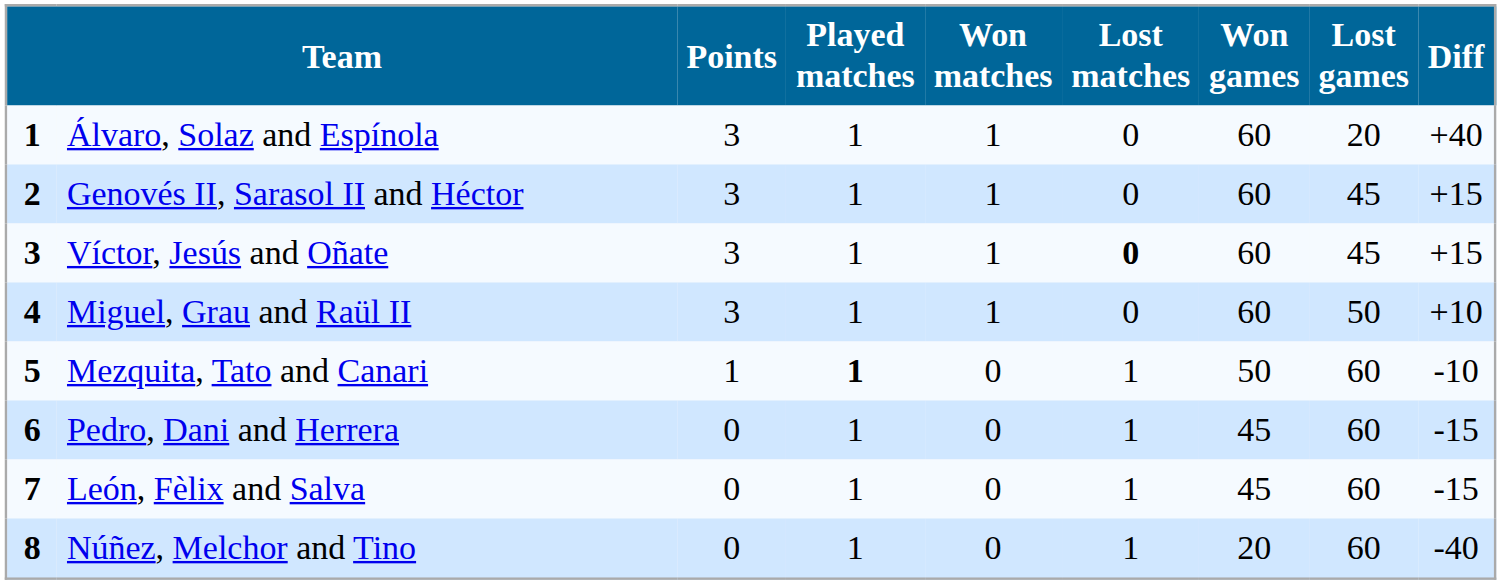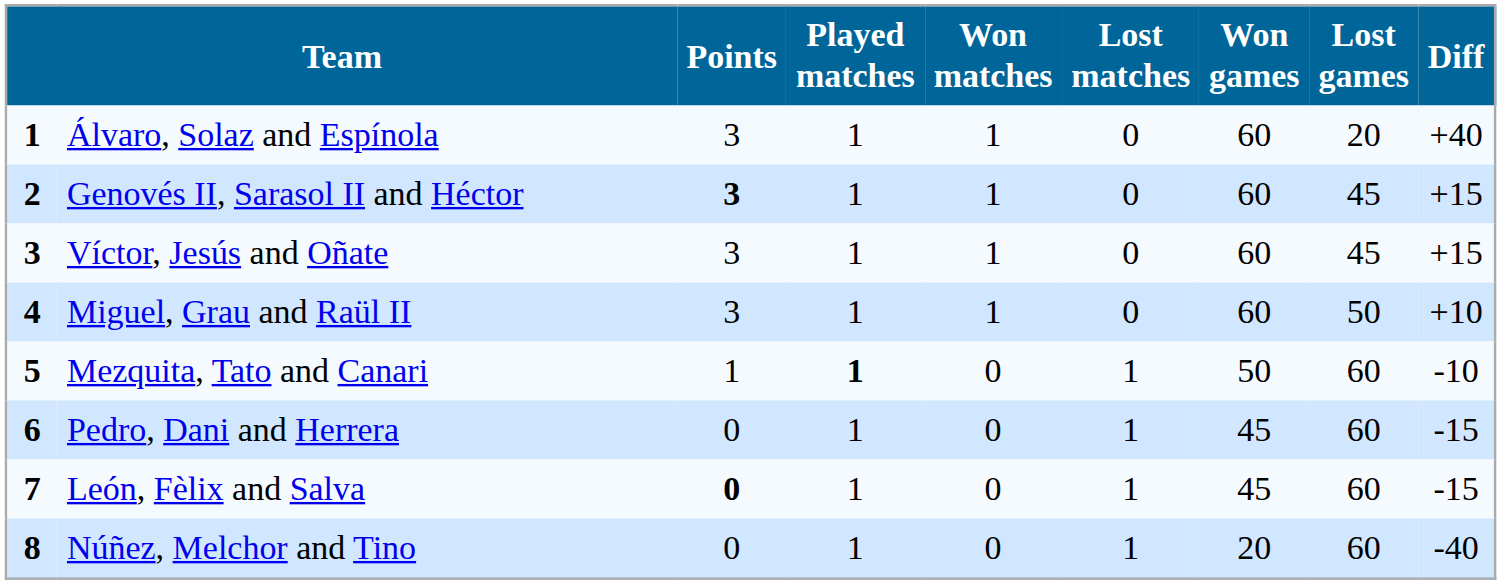 <table align=center width=50% cellpadding="4" cellspacing="0" style="background: #f9f9f9; border: 1px #aaa solid; border-collapse: collapse; font-size: 90%;">
 <tr align=center bgcolor=#006699 style="color:white;">
 <th width=50% colspan=2>Team</th>
 <th width=5%>Points</th>
 <th width=5%>Played matches</th>
 <th width=5%>Won matches</th>
 <th width=5%>Lost matches</th>
 <th width=5%>Won games</th>
 <th width=5%>Lost games</th>
 <th width=5%>Diff</th>
 </tr>
 <tr align=center bgcolor=#F5FAFF>
 <td><strong>1</strong></td>
 <td align=left><a href='#'>Álvaro</a>, <a href='#'>Solaz</a> and <a href='#'>Espínola</a></td>
 <td>3</td>
 <td>1</td>
 <td>1</td>
 <td>0</td>
 <td>60</td>
 <td>20</td>
 <td>+40</td>
 </tr>
 <tr align=center bgcolor=#D0E7FF>
 <td><strong>2</strong></td>
 <td align=left><a href='#'>Genovés II</a>, <a href='#'>Sarasol II</a> and <a href='#'>Héctor</a></td>
-<td>3</td>
+<td><strong>3</strong></td>
 <td>1</td>
 <td>1</td>
 <td>0</td>
 <td>60</td>
 <td>45</td>
 <td>+15</td>
 </tr>
 <tr align=center bgcolor=#F5FAFF>
 <td><strong>3</strong></td>
 <td align=left><a href='#'>Víctor</a>, <a href='#'>Jesús</a> and <a href='#'>Oñate</a></td>
 <td>3</td>
 <td>1</td>
 <td>1</td>
-<td><strong>0</strong></td>
+<td>0</td>
 <td>60</td>
 <td>45</td>
 <td>+15</td>
 </tr>
 <tr align=center bgcolor=#D0E7FF>
 <td><strong>4</strong></td>
 <td align=left><a href='#'>Miguel</a>, <a href='#'>Grau</a> and <a href='#'>Raül II</a></td>
 <td>3</td>
 <td>1</td>
 <td>1</td>
 <td>0</td>
 <td>60</td>
 <td>50</td>
 <td>+10</td>
 </tr>
 <tr align=center bgcolor=#F5FAFF>
 <td><strong>5</strong></td>
 <td align=left><a href='#'>Mezquita</a>, <a href='#'>Tato</a> and <a href='#'>Canari</a></td>
 <td>1</td>
 <td><strong>1</strong></td>
 <td>0</td>
 <td>1</td>
 <td>50</td>
 <td>60</td>
 <td>-10</td>
 </tr>
 <tr align=center bgcolor=#D0E7FF>
 <td><strong>6</strong></td>
 <td align=left><a href='#'>Pedro</a>, <a href='#'>Dani</a> and <a href='#'>Herrera</a></td>
 <td>0</td>
 <td>1</td>
 <td>0</td>
 <td>1</td>
 <td>45</td>
 <td>60</td>
 <td>-15</td>
 </tr>
 <tr align=center bgcolor=#F5FAFF>
 <td><strong>7</strong></td>
 <td align=left><a href='#'>León</a>, <a href='#'>Fèlix</a> and <a href='#'>Salva</a></td>
-<td>0</td>
+<td><strong>0</strong></td>
 <td>1</td>
 <td>0</td>
 <td>1</td>
 <td>45</td>
 <td>60</td>
 <td>-15</td>
 </tr>
 <tr align=center bgcolor=#D0E7FF>
 <td><strong>8</strong></td>
 <td align=left><a href='#'>Núñez</a>, <a href='#'>Melchor</a> and <a href='#'>Tino</a></td>
 <td>0</td>
 <td>1</td>
 <td>0</td>
 <td>1</td>
 <td>20</td>
 <td>60</td>
 <td>-40</td>
 </tr>
 </table>
